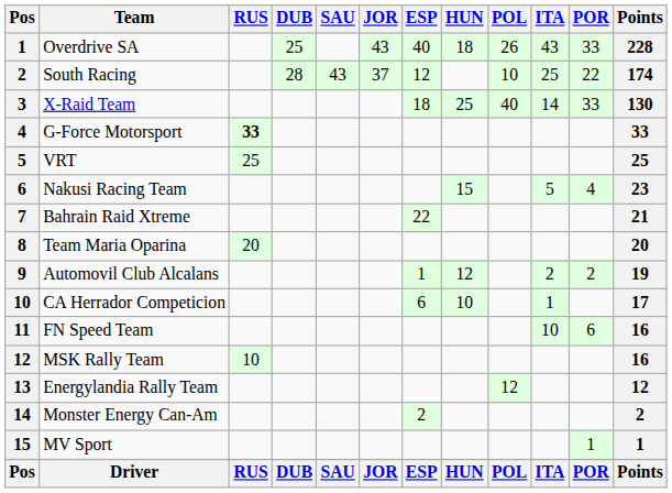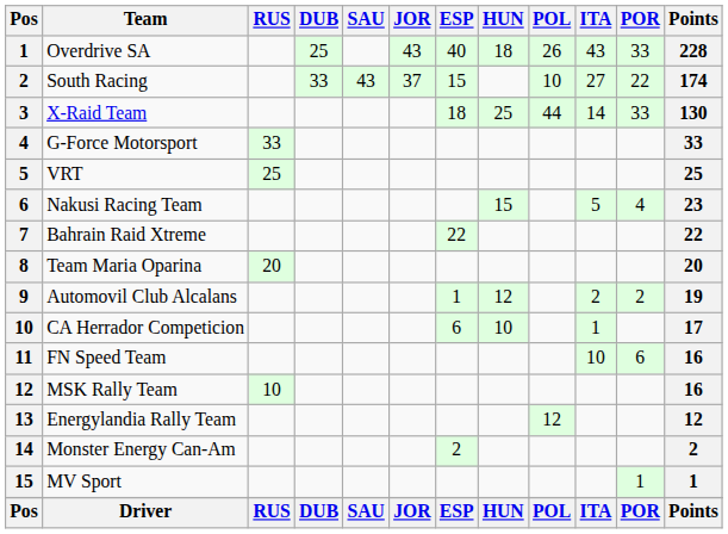 <table class="wikitable" style="font-size: 85%; text-align: center; display: inline-table;">
 <tr valign="top">
 <th valign="middle">Pos</th>
 <th valign="middle">Team</th>
 <th><a href='#'>RUS</a><br></th>
 <th><a href='#'>DUB</a><br></th>
 <th><a href='#'>SAU</a><br></th>
 <th><a href='#'>JOR</a><br></th>
 <th><a href='#'>ESP</a><br></th>
 <th><a href='#'>HUN</a><br></th>
 <th><a href='#'>POL</a><br></th>
 <th><a href='#'>ITA</a><br></th>
 <th><a href='#'>POR</a><br></th>
 <th valign="middle">Points</th>
 </tr>
 <tr>
 <th>1</th>
 <td align=left> Overdrive SA</td>
 <td></td>
 <td style="background:#dfffdf;">25</td>
 <td></td>
 <td style="background:#dfffdf;">43</td>
 <td style="background:#dfffdf;">40</td>
 <td style="background:#dfffdf;">18</td>
 <td style="background:#dfffdf;">26</td>
 <td style="background:#dfffdf;">43</td>
 <td style="background:#dfffdf;">33</td>
 <th>228</th>
 </tr>
 <tr>
 <th>2</th>
 <td align=left> South Racing</td>
 <td></td>
-<td style="background:#dfffdf;">28</td>
+<td style="background:#dfffdf;">33</td>
 <td style="background:#dfffdf;">43</td>
 <td style="background:#dfffdf;">37</td>
-<td style="background:#dfffdf;">12</td>
+<td style="background:#dfffdf;">15</td>
 <td></td>
 <td style="background:#dfffdf;">10</td>
-<td style="background:#dfffdf;">25</td>
+<td style="background:#dfffdf;">27</td>
 <td style="background:#dfffdf;">22</td>
 <th>174</th>
 </tr>
 <tr>
 <th>3</th>
 <td align=left><a href='#'>X-Raid Team</a></td>
 <td></td>
 <td></td>
 <td></td>
 <td></td>
 <td style="background:#dfffdf;">18</td>
 <td style="background:#dfffdf;">25</td>
-<td style="background:#dfffdf;">40</td>
+<td style="background:#dfffdf;">44</td>
 <td style="background:#dfffdf;">14</td>
 <td style="background:#dfffdf;">33</td>
 <th>130</th>
 </tr>
 <tr>
 <th>4</th>
 <td align=left> G-Force Motorsport</td>
-<td style="background:#dfffdf;"><strong>33</strong></td>
+<td style="background:#dfffdf;">33</td>
 <td></td>
 <td></td>
 <td></td>
 <td></td>
 <td></td>
 <td></td>
 <td></td>
 <td></td>
 <th>33</th>
 </tr>
 <tr>
 <th>5</th>
 <td align=left> VRT</td>
 <td style="background:#dfffdf;">25</td>
 <td></td>
 <td></td>
 <td></td>
 <td></td>
 <td></td>
 <td></td>
 <td></td>
 <td></td>
 <th>25</th>
 </tr>
 <tr>
 <th>6</th>
 <td align=left> Nakusi Racing Team</td>
 <td></td>
 <td></td>
 <td></td>
 <td></td>
 <td></td>
 <td style="background:#dfffdf;">15</td>
 <td></td>
 <td style="background:#dfffdf;">5</td>
 <td style="background:#dfffdf;">4</td>
 <th>23</th>
 </tr>
 <tr>
 <th>7</th>
 <td align=left>Bahrain Raid Xtreme</td>
 <td></td>
 <td></td>
 <td></td>
 <td></td>
 <td style="background:#dfffdf;">22</td>
 <td></td>
 <td></td>
 <td></td>
 <td></td>
-<th>21</th>
+<th>22</th>
 </tr>
 <tr>
 <th>8</th>
 <td align=left> Team Maria Oparina</td>
 <td style="background:#dfffdf;">20</td>
 <td></td>
 <td></td>
 <td></td>
 <td></td>
 <td></td>
 <td></td>
 <td></td>
 <td></td>
 <th>20</th>
 </tr>
 <tr>
 <th>9</th>
 <td align=left> Automovil Club Alcalans</td>
 <td></td>
 <td></td>
 <td></td>
 <td></td>
 <td style="background:#dfffdf;">1</td>
 <td style="background:#dfffdf;">12</td>
 <td></td>
 <td style="background:#dfffdf;">2</td>
 <td style="background:#dfffdf;">2</td>
 <th>19</th>
 </tr>
 <tr>
 <th>10</th>
 <td align=left> CA Herrador Competicion</td>
 <td></td>
 <td></td>
 <td></td>
 <td></td>
 <td style="background:#dfffdf;">6</td>
 <td style="background:#dfffdf;">10</td>
 <td></td>
 <td style="background:#dfffdf;">1</td>
 <td></td>
 <th>17</th>
 </tr>
 <tr>
 <th>11</th>
 <td align=left> FN Speed Team</td>
 <td></td>
 <td></td>
 <td></td>
 <td></td>
 <td></td>
 <td></td>
 <td></td>
 <td style="background:#dfffdf;">10</td>
 <td style="background:#dfffdf;">6</td>
 <th>16</th>
 </tr>
 <tr>
 <th>12</th>
 <td align=left> MSK Rally Team</td>
 <td style="background:#dfffdf;">10</td>
 <td></td>
 <td></td>
 <td></td>
 <td></td>
 <td></td>
 <td></td>
 <td></td>
 <td></td>
 <th>16</th>
 </tr>
 <tr>
 <th>13</th>
 <td align=left> Energylandia Rally Team</td>
 <td></td>
 <td></td>
 <td></td>
 <td></td>
 <td></td>
 <td></td>
 <td style="background:#dfffdf;">12</td>
 <td></td>
 <td></td>
 <th>12</th>
 </tr>
 <tr>
 <th>14</th>
 <td align=left>Monster Energy Can-Am</td>
 <td></td>
 <td></td>
 <td></td>
 <td></td>
 <td style="background:#dfffdf;">2</td>
 <td></td>
 <td></td>
 <td></td>
 <td></td>
 <th>2</th>
 </tr>
 <tr>
 <th>15</th>
 <td align=left> MV Sport</td>
 <td></td>
 <td></td>
 <td></td>
 <td></td>
 <td></td>
 <td></td>
 <td></td>
 <td></td>
 <td style="background:#dfffdf;">1</td>
 <th>1</th>
 </tr>
 <tr>
 </tr>
 <tr valign="top">
 <th valign="middle">Pos</th>
 <th valign="middle">Driver</th>
 <th><a href='#'>RUS</a><br></th>
 <th><a href='#'>DUB</a><br></th>
 <th><a href='#'>SAU</a><br></th>
 <th><a href='#'>JOR</a><br></th>
 <th><a href='#'>ESP</a><br></th>
 <th><a href='#'>HUN</a><br></th>
 <th><a href='#'>POL</a><br></th>
 <th><a href='#'>ITA</a><br></th>
 <th><a href='#'>POR</a><br></th>
 <th valign="middle">Points</th>
 </tr>
 </table>
